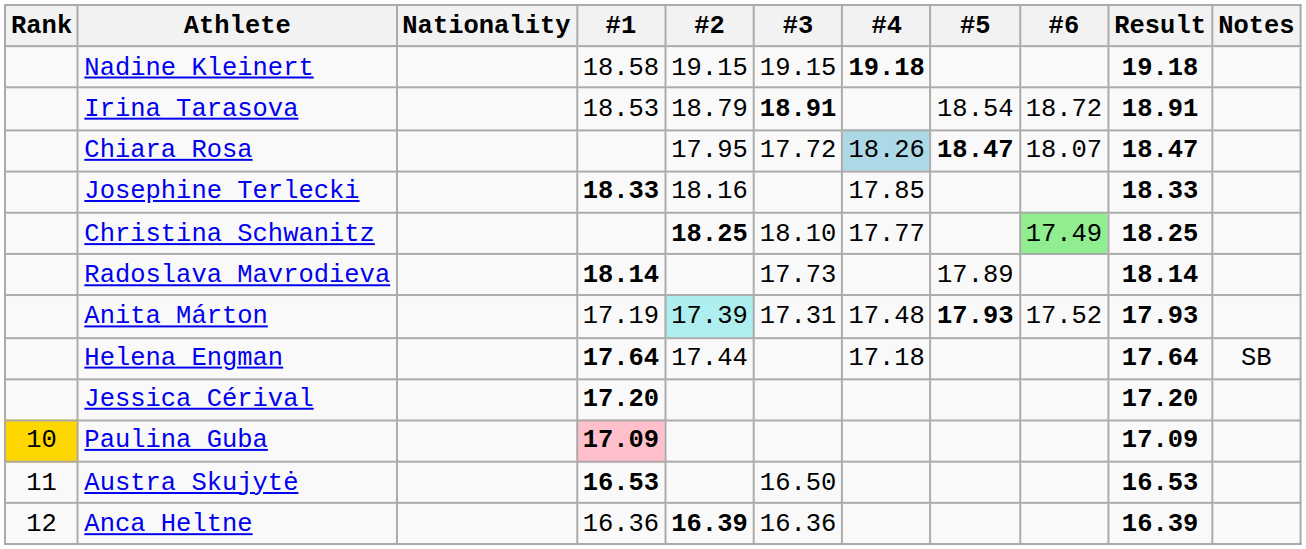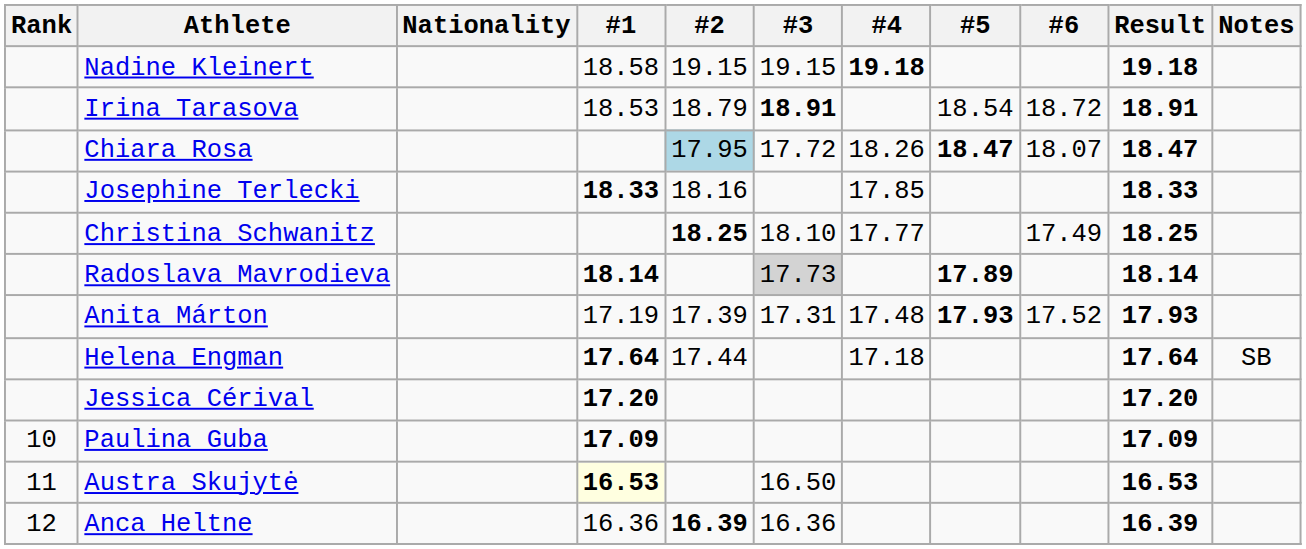 <table class="wikitable sortable" style="text-align:center">
 <tr>
 <th>Rank</th>
 <th>Athlete</th>
 <th>Nationality</th>
 <th>#1</th>
 <th>#2</th>
 <th>#3</th>
 <th>#4</th>
 <th>#5</th>
 <th>#6</th>
 <th>Result</th>
 <th>Notes</th>
 </tr>
 <tr>
 <td></td>
 <td align="left"><a href='#'>Nadine Kleinert</a></td>
 <td align=left></td>
 <td>18.58</td>
 <td>19.15</td>
 <td>19.15</td>
 <td><strong>19.18</strong></td>
 <td></td>
 <td></td>
 <td><strong>19.18</strong></td>
 <td></td>
 </tr>
 <tr>
 <td></td>
 <td align="left"><a href='#'>Irina Tarasova</a></td>
 <td align=left></td>
 <td>18.53</td>
 <td>18.79</td>
 <td><strong>18.91</strong></td>
 <td></td>
 <td>18.54</td>
 <td>18.72</td>
 <td><strong>18.91</strong></td>
 <td></td>
 </tr>
 <tr>
 <td></td>
 <td align="left"><a href='#'>Chiara Rosa</a></td>
 <td align=left></td>
 <td></td>
-<td>17.95</td>
+<td style="background: lightblue;">17.95</td>
 <td>17.72</td>
-<td style="background: lightblue;">18.26</td>
+<td>18.26</td>
 <td><strong>18.47</strong></td>
 <td>18.07</td>
 <td><strong>18.47</strong></td>
 <td></td>
 </tr>
 <tr>
 <td></td>
 <td align="left"><a href='#'>Josephine Terlecki</a></td>
 <td align=left></td>
 <td><strong>18.33</strong></td>
 <td>18.16</td>
 <td></td>
 <td>17.85</td>
 <td></td>
 <td></td>
 <td><strong>18.33</strong></td>
 <td></td>
 </tr>
 <tr>
 <td></td>
 <td align="left"><a href='#'>Christina Schwanitz</a></td>
 <td align=left></td>
 <td></td>
 <td><strong>18.25</strong></td>
 <td>18.10</td>
 <td>17.77</td>
 <td></td>
-<td style="background: lightgreen;">17.49</td>
+<td>17.49</td>
 <td><strong>18.25</strong></td>
 <td></td>
 </tr>
 <tr>
 <td></td>
 <td align="left"><a href='#'>Radoslava Mavrodieva</a></td>
 <td align=left></td>
 <td><strong>18.14</strong></td>
 <td></td>
-<td>17.73</td>
+<td style="background: lightgrey;">17.73</td>
 <td></td>
-<td>17.89</td>
+<td><strong>17.89</strong></td>
 <td></td>
 <td><strong>18.14</strong></td>
 <td></td>
 </tr>
 <tr>
 <td></td>
 <td align="left"><a href='#'>Anita Márton</a></td>
 <td align=left></td>
 <td>17.19</td>
-<td style="background: paleturquoise;">17.39</td>
+<td>17.39</td>
 <td>17.31</td>
 <td>17.48</td>
 <td><strong>17.93</strong></td>
 <td>17.52</td>
 <td><strong>17.93</strong></td>
 <td></td>
 </tr>
 <tr>
 <td></td>
 <td align="left"><a href='#'>Helena Engman</a></td>
 <td align=left></td>
 <td><strong>17.64</strong></td>
 <td>17.44</td>
 <td></td>
 <td>17.18</td>
 <td></td>
 <td></td>
 <td><strong>17.64</strong></td>
 <td>SB</td>
 </tr>
 <tr>
 <td></td>
 <td align="left"><a href='#'>Jessica Cérival</a></td>
 <td align=left></td>
 <td><strong>17.20</strong></td>
 <td></td>
 <td></td>
 <td></td>
 <td></td>
 <td></td>
 <td><strong>17.20</strong></td>
 <td></td>
 </tr>
 <tr>
-<td style="background: gold;">10</td>
+<td>10</td>
 <td align="left"><a href='#'>Paulina Guba</a></td>
 <td align=left></td>
-<td style="background: pink;"><strong>17.09</strong></td>
+<td><strong>17.09</strong></td>
 <td></td>
 <td></td>
 <td></td>
 <td></td>
 <td></td>
 <td><strong>17.09</strong></td>
 <td></td>
 </tr>
 <tr>
 <td>11</td>
 <td align="left"><a href='#'>Austra Skujytė</a></td>
 <td align=left></td>
-<td><strong>16.53</strong></td>
+<td style="background: lightyellow;"><strong>16.53</strong></td>
 <td></td>
 <td>16.50</td>
 <td></td>
 <td></td>
 <td></td>
 <td><strong>16.53</strong></td>
 <td></td>
 </tr>
 <tr>
 <td>12</td>
 <td align="left"><a href='#'>Anca Heltne</a></td>
 <td align=left></td>
 <td>16.36</td>
 <td><strong>16.39</strong></td>
 <td>16.36</td>
 <td></td>
 <td></td>
 <td></td>
 <td><strong>16.39</strong></td>
 <td></td>
 </tr>
 <tr>
 </tr>
 </table>
